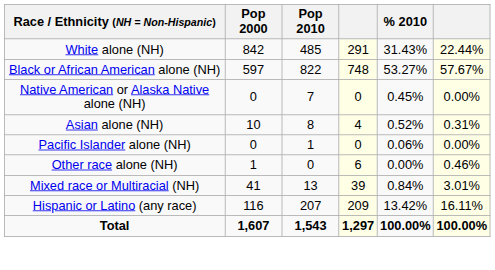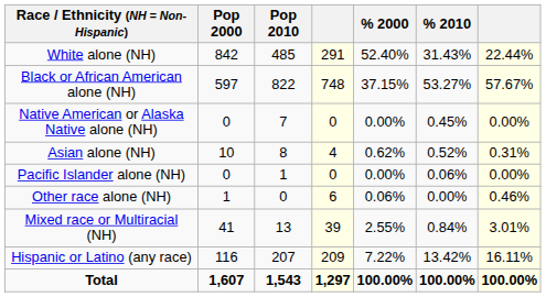 <table class="wikitable" style="text-align:center;">
 <tr>
 <th>Race / Ethnicity <small>(<em>NH = Non-Hispanic</em>)</small></th>
 <th>Pop 2000</th>
 <th>Pop 2010</th>
 <th></th>
+<th>% 2000</th>
 <th>% 2010</th>
 <th></th>
 </tr>
 <tr>
 <td><a href='#'>White</a> alone (NH)</td>
 <td>842</td>
 <td>485</td>
 <td style='background: #ffffe6;'>291</td>
+<td>52.40%</td>
 <td>31.43%</td>
 <td style='background: #ffffe6;'>22.44%</td>
 </tr>
 <tr>
 <td><a href='#'>Black or African American</a> alone (NH)</td>
 <td>597</td>
 <td>822</td>
 <td style='background: #ffffe6;'>748</td>
+<td>37.15%</td>
 <td>53.27%</td>
 <td style='background: #ffffe6;'>57.67%</td>
 </tr>
 <tr>
 <td><a href='#'>Native American</a> or <a href='#'>Alaska Native</a> alone (NH)</td>
 <td>0</td>
 <td>7</td>
 <td style='background: #ffffe6;'>0</td>
+<td>0.00%</td>
 <td>0.45%</td>
 <td style='background: #ffffe6;'>0.00%</td>
 </tr>
 <tr>
 <td><a href='#'>Asian</a> alone (NH)</td>
 <td>10</td>
 <td>8</td>
 <td style='background: #ffffe6;'>4</td>
+<td>0.62%</td>
 <td>0.52%</td>
 <td style='background: #ffffe6;'>0.31%</td>
 </tr>
 <tr>
 <td><a href='#'>Pacific Islander</a> alone (NH)</td>
 <td>0</td>
 <td>1</td>
 <td style='background: #ffffe6;'>0</td>
+<td>0.00%</td>
 <td>0.06%</td>
 <td style='background: #ffffe6;'>0.00%</td>
 </tr>
 <tr>
 <td><a href='#'>Other race</a> alone (NH)</td>
 <td>1</td>
 <td>0</td>
 <td style='background: #ffffe6;'>6</td>
+<td>0.06%</td>
 <td>0.00%</td>
 <td style='background: #ffffe6;'>0.46%</td>
 </tr>
 <tr>
 <td><a href='#'>Mixed race or Multiracial</a> (NH)</td>
 <td>41</td>
 <td>13</td>
 <td style='background: #ffffe6;'>39</td>
+<td>2.55%</td>
 <td>0.84%</td>
 <td style='background: #ffffe6;'>3.01%</td>
 </tr>
 <tr>
 <td><a href='#'>Hispanic or Latino</a> (any race)</td>
 <td>116</td>
 <td>207</td>
 <td style='background: #ffffe6;'>209</td>
+<td>7.22%</td>
 <td>13.42%</td>
 <td style='background: #ffffe6;'>16.11%</td>
 </tr>
 <tr>
 <td><strong>Total</strong></td>
 <td><strong>1,607</strong></td>
 <td><strong>1,543</strong></td>
 <td style='background: #ffffe6;'><strong>1,297</strong></td>
 <td><strong>100.00%</strong></td>
+<td><strong>100.00%</strong></td>
 <td style='background: #ffffe6;'><strong>100.00%</strong></td>
 </tr>
 </table>
